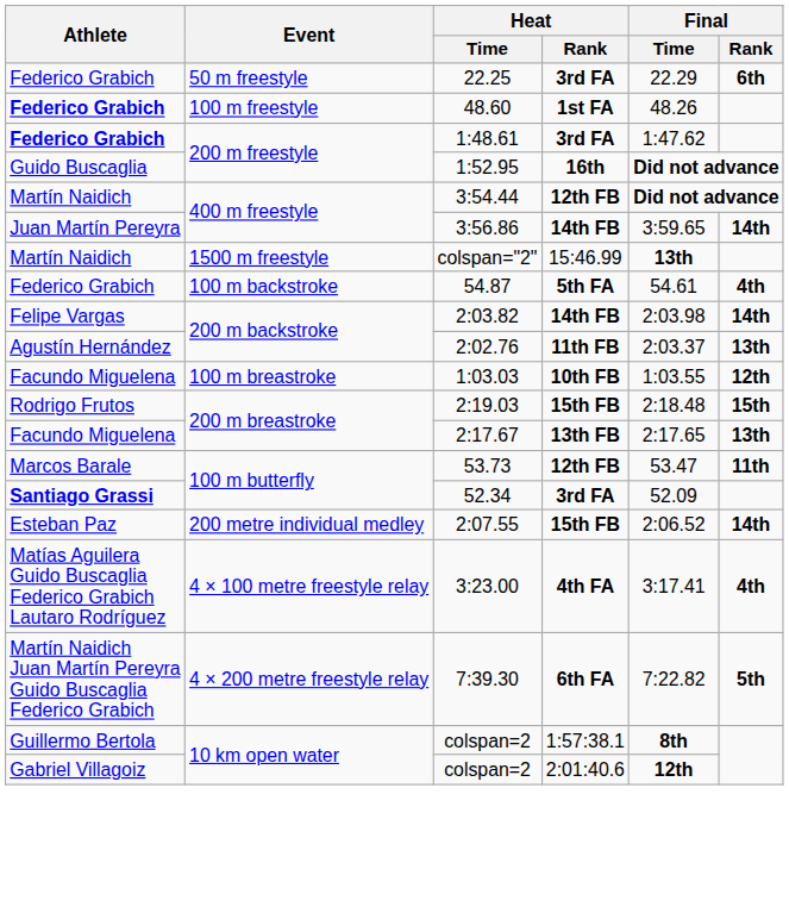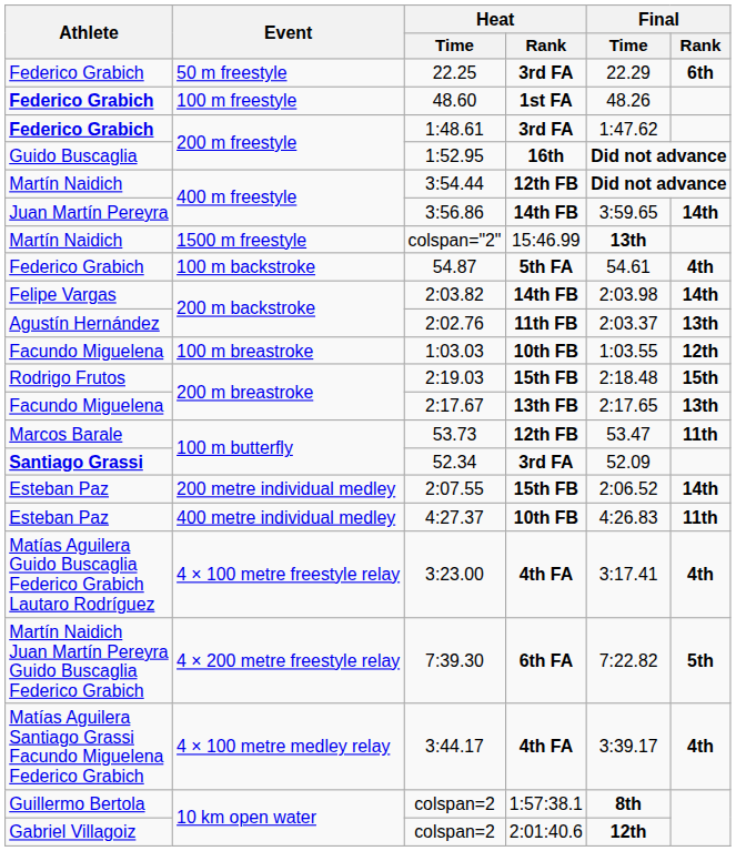 <table class=wikitable style="font-size:90%">
 <tr>
 <th rowspan="2">Athlete</th>
 <th rowspan="2">Event</th>
 <th colspan="2">Heat</th>
 <th colspan="2">Final</th>
 </tr>
 <tr style="font-size:95%">
 <th>Time</th>
 <th>Rank</th>
 <th>Time</th>
 <th>Rank</th>
 </tr>
 <tr align=center>
 <td align=left><a href='#'>Federico Grabich</a></td>
 <td align=left><a href='#'>50 m freestyle</a></td>
 <td>22.25</td>
 <td><strong>3rd</strong> <strong>FA</strong></td>
 <td>22.29</td>
 <td><strong>6th</strong></td>
 </tr>
 <tr align=center>
 <td align=left><strong><a href='#'>Federico Grabich</a></strong></td>
 <td align=left><a href='#'>100 m freestyle</a></td>
 <td>48.60</td>
 <td><strong>1st</strong> <strong>FA</strong></td>
 <td>48.26</td>
 <td></td>
 </tr>
 <tr align=center>
 <td align=left><strong><a href='#'>Federico Grabich</a></strong></td>
 <td align=left rowspan="2"><a href='#'>200 m freestyle</a></td>
 <td>1:48.61</td>
 <td><strong>3rd</strong> <strong>FA</strong></td>
 <td>1:47.62</td>
 <td></td>
 </tr>
 <tr align=center>
 <td align=left><a href='#'>Guido Buscaglia</a></td>
 <td>1:52.95</td>
 <td><strong>16th</strong></td>
 <td colspan="2"><strong>Did not advance</strong></td>
 </tr>
 <tr align=center>
 <td align=left><a href='#'>Martín Naidich</a></td>
 <td align=left rowspan="2"><a href='#'>400 m freestyle</a></td>
 <td>3:54.44</td>
 <td><strong>12th</strong> <strong>FB</strong></td>
 <td colspan="2"><strong>Did not advance</strong></td>
 </tr>
 <tr align=center>
 <td align=left><a href='#'>Juan Martín Pereyra</a></td>
 <td>3:56.86</td>
 <td><strong>14th</strong> <strong>FB</strong></td>
 <td>3:59.65</td>
 <td><strong>14th</strong></td>
 </tr>
 <tr align=center>
 <td align=left><a href='#'>Martín Naidich</a></td>
 <td align=left><a href='#'>1500 m freestyle</a></td>
 <td>colspan="2" </td>
 <td>15:46.99</td>
 <td><strong>13th</strong></td>
 </tr>
 <tr align=center>
 <td align=left><a href='#'>Federico Grabich</a></td>
 <td align=left><a href='#'>100 m backstroke</a></td>
 <td>54.87</td>
 <td><strong>5th</strong> <strong>FA</strong></td>
 <td>54.61</td>
 <td><strong>4th</strong></td>
 </tr>
 <tr align=center>
 <td align=left><a href='#'>Felipe Vargas</a></td>
 <td align=left rowspan="2"><a href='#'>200 m backstroke</a></td>
 <td>2:03.82</td>
 <td><strong>14th</strong> <strong>FB</strong></td>
 <td>2:03.98</td>
 <td><strong>14th</strong></td>
 </tr>
 <tr align=center>
 <td align=left><a href='#'>Agustín Hernández</a></td>
 <td>2:02.76</td>
 <td><strong>11th</strong> <strong>FB</strong></td>
 <td>2:03.37</td>
 <td><strong>13th</strong></td>
 </tr>
 <tr align=center>
 <td align=left><a href='#'>Facundo Miguelena</a></td>
 <td align=left><a href='#'>100 m breastroke</a></td>
 <td>1:03.03</td>
 <td><strong>10th</strong> <strong>FB</strong></td>
 <td>1:03.55</td>
 <td><strong>12th</strong></td>
 </tr>
 <tr align=center>
 <td align=left><a href='#'>Rodrigo Frutos</a></td>
 <td align=left rowspan="2"><a href='#'>200 m breastroke</a></td>
 <td>2:19.03</td>
 <td><strong>15th</strong> <strong>FB</strong></td>
 <td>2:18.48</td>
 <td><strong>15th</strong></td>
 </tr>
 <tr align=center>
 <td align=left><a href='#'>Facundo Miguelena</a></td>
 <td>2:17.67</td>
 <td><strong>13th</strong> <strong>FB</strong></td>
 <td>2:17.65</td>
 <td><strong>13th</strong></td>
 </tr>
 <tr align=center>
 <td align=left><a href='#'>Marcos Barale</a></td>
 <td align=left rowspan="2"><a href='#'>100 m butterfly</a></td>
 <td>53.73</td>
 <td><strong>12th</strong> <strong>FB</strong></td>
 <td>53.47</td>
 <td><strong>11th</strong></td>
 </tr>
 <tr align=center>
 <td align=left><strong><a href='#'>Santiago Grassi</a></strong></td>
 <td>52.34</td>
 <td><strong>3rd</strong> <strong>FA</strong></td>
 <td>52.09</td>
 <td></td>
 </tr>
 <tr align=center>
 <td align=left><a href='#'>Esteban Paz</a></td>
 <td align=left><a href='#'>200 metre individual medley</a></td>
 <td>2:07.55</td>
 <td><strong>15th</strong> <strong>FB</strong></td>
 <td>2:06.52</td>
 <td><strong>14th</strong></td>
 </tr>
 <tr align=center>
+<td align=left><a href='#'>Esteban Paz</a></td>
+<td align=left><a href='#'>400 metre individual medley</a></td>
+<td>4:27.37</td>
+<td><strong>10th</strong> <strong>FB</strong></td>
+<td>4:26.83</td>
+<td><strong>11th</strong></td>
+</tr>
+<tr align=center>
 <td align=left><a href='#'>Matías Aguilera</a><br><a href='#'>Guido Buscaglia</a><br><a href='#'>Federico Grabich</a><br><a href='#'>Lautaro Rodríguez</a></td>
 <td align=left><a href='#'>4 × 100 metre freestyle relay</a></td>
 <td>3:23.00</td>
 <td><strong>4th</strong> <strong>FA</strong></td>
 <td>3:17.41</td>
 <td><strong>4th</strong></td>
 </tr>
 <tr align=center>
 <td align=left><a href='#'>Martín Naidich</a><br><a href='#'>Juan Martín Pereyra</a><br><a href='#'>Guido Buscaglia</a><br><a href='#'>Federico Grabich</a></td>
 <td align=left><a href='#'>4 × 200 metre freestyle relay</a></td>
 <td>7:39.30</td>
 <td><strong>6th</strong> <strong>FA</strong></td>
 <td>7:22.82</td>
 <td><strong>5th</strong></td>
 </tr>
 <tr align=center>
+<td align=left><a href='#'>Matías Aguilera</a><br><a href='#'>Santiago Grassi</a><br><a href='#'>Facundo Miguelena</a><br><a href='#'>Federico Grabich</a></td>
+<td align=left><a href='#'>4 × 100 metre medley relay</a></td>
+<td>3:44.17</td>
+<td><strong>4th</strong> <strong>FA</strong></td>
+<td>3:39.17</td>
+<td><strong>4th</strong></td>
+</tr>
+<tr align=center>
 <td align=left><a href='#'>Guillermo Bertola</a></td>
 <td align=left rowspan="2"><a href='#'>10 km open water</a></td>
 <td>colspan=2 </td>
 <td>1:57:38.1</td>
 <td><strong>8th</strong></td>
 </tr>
 <tr align=center>
 <td align=left><a href='#'>Gabriel Villagoiz</a></td>
 <td>colspan=2 </td>
 <td>2:01:40.6</td>
 <td><strong>12th</strong></td>
 </tr>
 </table>
